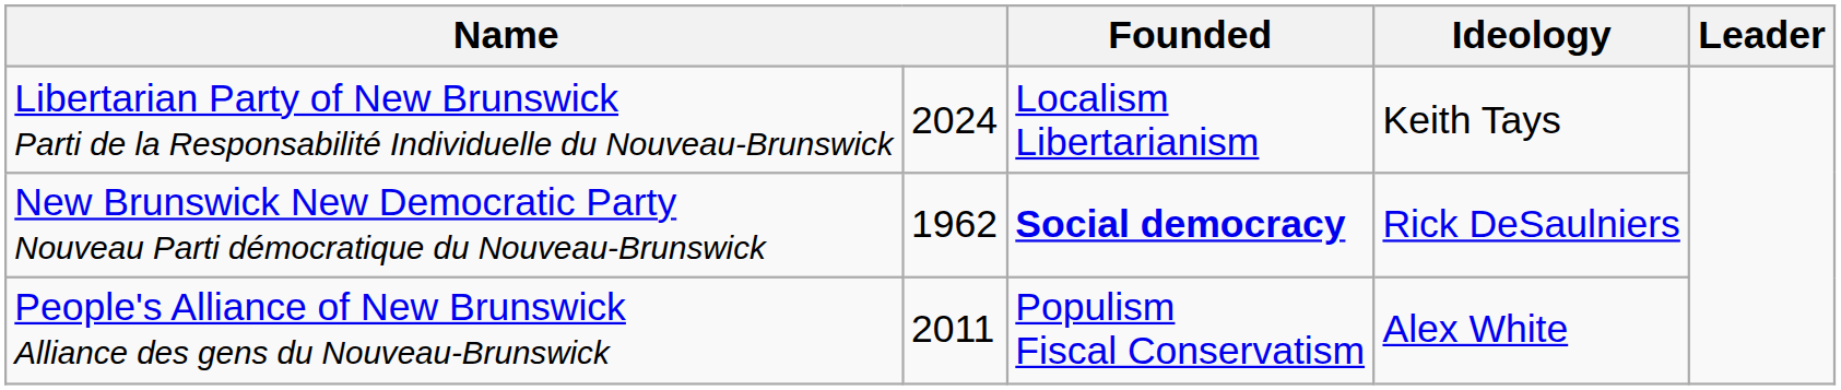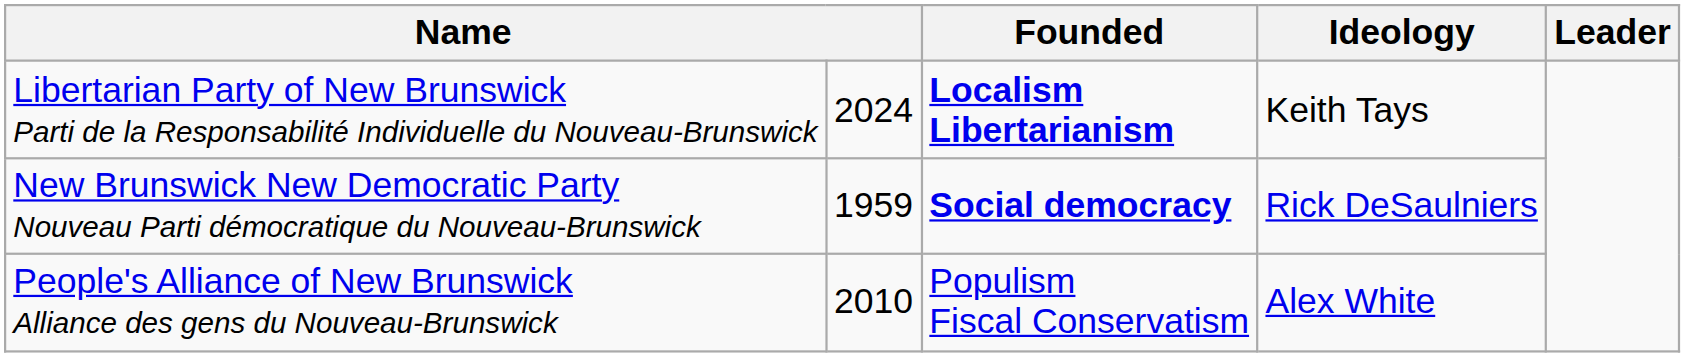 <table class="wikitable">
 <tr>
 <th colspan=2>Name</th>
 <th>Founded</th>
 <th>Ideology</th>
 <th>Leader</th>
 </tr>
 <tr>
 <td><a href='#'>Libertarian Party of New Brunswick</a><br><small><em>Parti de la Responsabilité Individuelle du Nouveau-Brunswick</em></small></td>
 <td>2024</td>
-<td><a href='#'>Localism</a><br><a href='#'>Libertarianism</a></td>
+<td><strong><a href='#'>Localism</a><br><a href='#'>Libertarianism</a></strong></td>
 <td>Keith Tays</td>
 </tr>
 <tr>
 <td><a href='#'>New Brunswick New Democratic Party</a><br><small><em>Nouveau Parti démocratique du Nouveau-Brunswick</em></small></td>
-<td>1962</td>
+<td>1959</td>
 <td><strong><a href='#'>Social democracy</a></strong></td>
 <td><a href='#'>Rick DeSaulniers</a></td>
 </tr>
 <tr>
 <td><a href='#'>People's Alliance of New Brunswick</a><br><small><em>Alliance des gens du Nouveau-Brunswick</em></small></td>
-<td>2011</td>
+<td>2010</td>
 <td><a href='#'>Populism</a><br><a href='#'>Fiscal Conservatism</a></td>
 <td><a href='#'>Alex White</a></td>
 </tr>
 </table>
